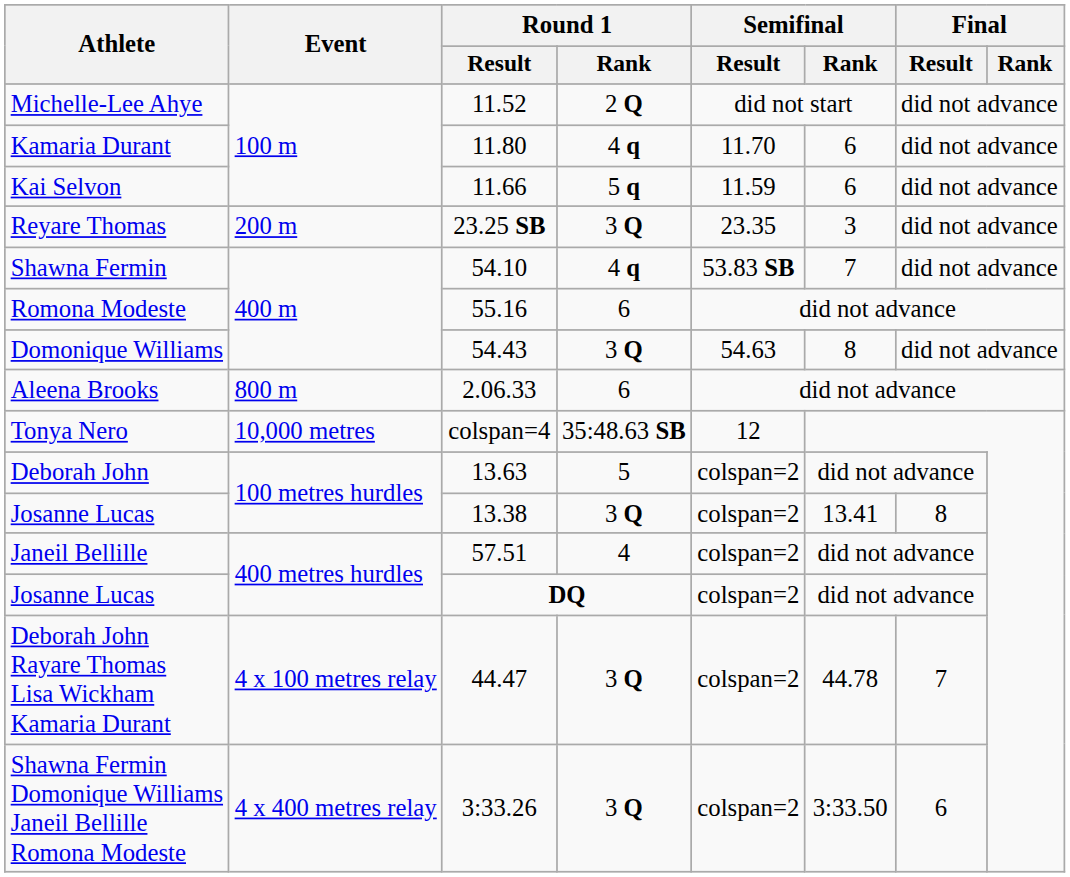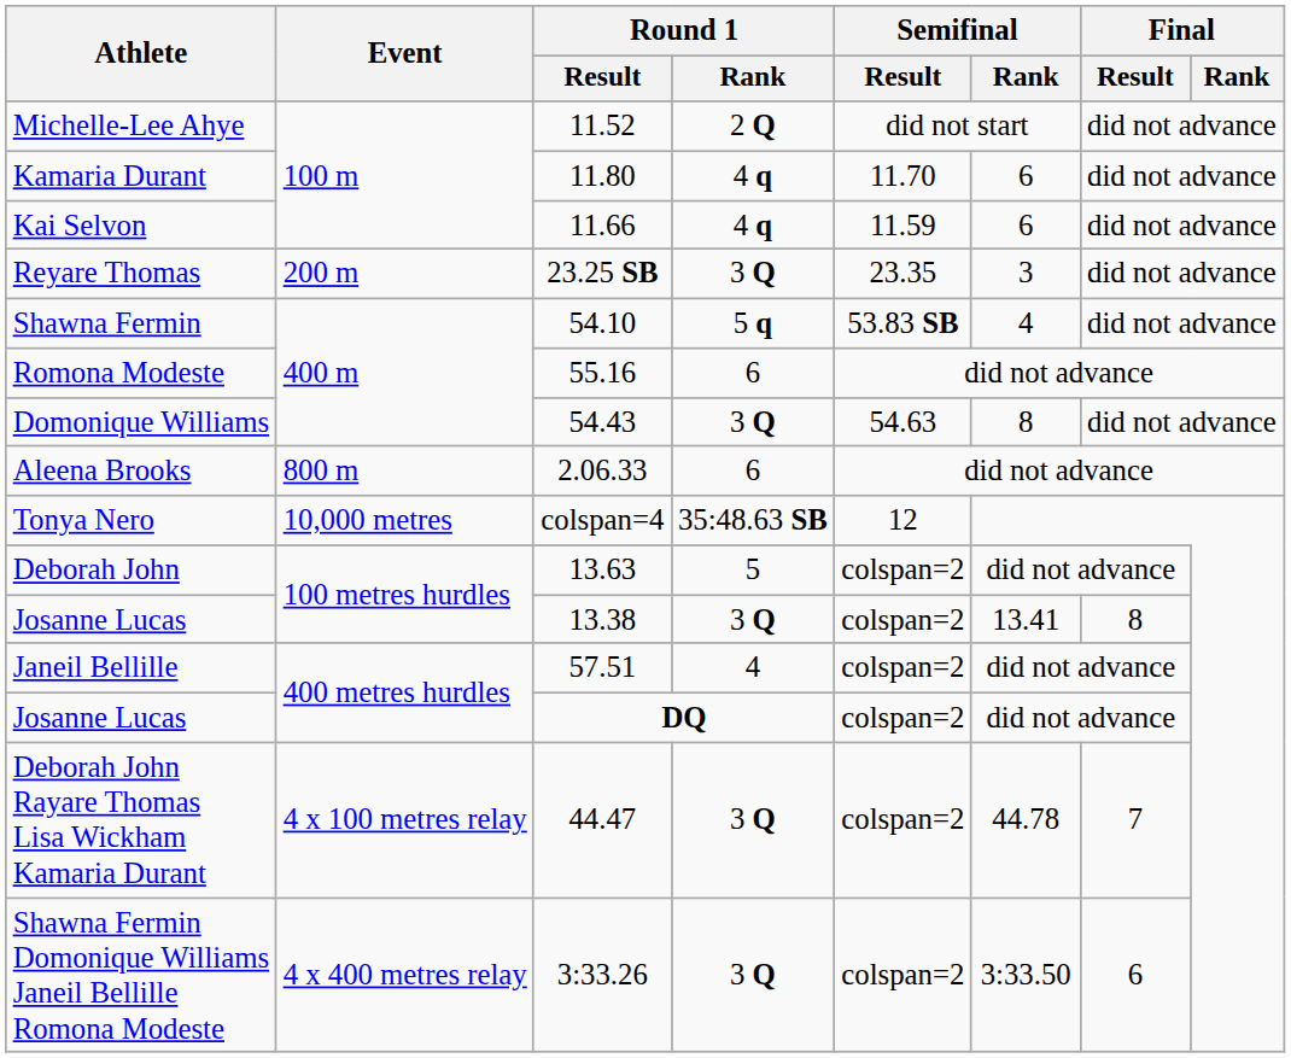 <table class=wikitable style="font-size:90%">
 <tr>
 <th rowspan="2">Athlete</th>
 <th rowspan="2">Event</th>
 <th colspan="2">Round 1</th>
 <th colspan="2">Semifinal</th>
 <th colspan="2">Final</th>
 </tr>
 <tr style="font-size:95%">
 <th>Result</th>
 <th>Rank</th>
 <th>Result</th>
 <th>Rank</th>
 <th>Result</th>
 <th>Rank</th>
 </tr>
 <tr align=center>
 <td align=left><a href='#'>Michelle-Lee Ahye</a></td>
 <td align=left rowspan="3"><a href='#'>100 m</a></td>
 <td>11.52</td>
 <td>2 <strong>Q</strong></td>
 <td colspan="2">did not start</td>
 <td colspan="2">did not advance</td>
 </tr>
 <tr align=center>
 <td align=left><a href='#'>Kamaria Durant</a></td>
 <td>11.80</td>
 <td>4 <strong>q</strong></td>
 <td>11.70</td>
 <td>6</td>
 <td colspan="2">did not advance</td>
 </tr>
 <tr align=center>
 <td align=left><a href='#'>Kai Selvon</a></td>
 <td>11.66</td>
-<td>5 <strong>q</strong></td>
+<td>4 <strong>q</strong></td>
 <td>11.59</td>
 <td>6</td>
 <td colspan="2">did not advance</td>
 </tr>
 <tr align=center>
 <td align=left><a href='#'>Reyare Thomas</a></td>
 <td align=left><a href='#'>200 m</a></td>
 <td>23.25 <strong>SB</strong></td>
 <td>3 <strong>Q</strong></td>
 <td>23.35</td>
 <td>3</td>
 <td colspan="2">did not advance</td>
 </tr>
 <tr align=center>
 <td align=left><a href='#'>Shawna Fermin</a></td>
 <td align=left rowspan="3"><a href='#'>400 m</a></td>
 <td>54.10</td>
-<td>4 <strong>q</strong></td>
+<td>5 <strong>q</strong></td>
 <td>53.83 <strong>SB</strong></td>
-<td>7</td>
+<td>4</td>
 <td colspan="2">did not advance</td>
 </tr>
 <tr align=center>
 <td align=left><a href='#'>Romona Modeste</a></td>
 <td>55.16</td>
 <td>6</td>
 <td colspan="4">did not advance</td>
 </tr>
 <tr align=center>
 <td align=left><a href='#'>Domonique Williams</a></td>
 <td>54.43</td>
 <td>3 <strong>Q</strong></td>
 <td>54.63</td>
 <td>8</td>
 <td colspan="2">did not advance</td>
 </tr>
 <tr align=center>
 <td align=left><a href='#'>Aleena Brooks</a></td>
 <td align=left><a href='#'>800 m</a></td>
 <td>2.06.33</td>
 <td>6</td>
 <td colspan="4">did not advance</td>
 </tr>
 <tr align=center>
 <td align=left><a href='#'>Tonya Nero</a></td>
 <td align=left><a href='#'>10,000 metres</a></td>
 <td>colspan=4 </td>
 <td>35:48.63 <strong>SB</strong></td>
 <td>12</td>
 </tr>
 <tr align=center>
 <td align=left><a href='#'>Deborah John</a></td>
 <td align=left rowspan="2"><a href='#'>100 metres hurdles</a></td>
 <td>13.63</td>
 <td>5</td>
 <td>colspan=2 </td>
 <td colspan="2">did not advance</td>
 </tr>
 <tr align=center>
 <td align=left><a href='#'>Josanne Lucas</a></td>
 <td>13.38</td>
 <td>3 <strong>Q</strong></td>
 <td>colspan=2 </td>
 <td>13.41</td>
 <td>8</td>
 </tr>
 <tr align=center>
 <td align=left><a href='#'>Janeil Bellille</a></td>
 <td align=left rowspan="2"><a href='#'>400 metres hurdles</a></td>
 <td>57.51</td>
 <td>4</td>
 <td>colspan=2 </td>
 <td colspan="2">did not advance</td>
 </tr>
 <tr align=center>
 <td align=left><a href='#'>Josanne Lucas</a></td>
 <td colspan=2><strong>DQ</strong></td>
 <td>colspan=2 </td>
 <td colspan="2">did not advance</td>
 </tr>
 <tr align=center>
 <td align=left><a href='#'>Deborah John</a><br><a href='#'>Rayare Thomas</a><br><a href='#'>Lisa Wickham</a><br><a href='#'>Kamaria Durant</a></td>
 <td align=left><a href='#'>4 x 100 metres relay</a></td>
 <td>44.47</td>
 <td>3 <strong>Q</strong></td>
 <td>colspan=2 </td>
 <td>44.78</td>
 <td>7</td>
 </tr>
 <tr align=center>
 <td align=left><a href='#'>Shawna Fermin</a><br><a href='#'>Domonique Williams</a><br><a href='#'>Janeil Bellille</a><br><a href='#'>Romona Modeste</a></td>
 <td align=left><a href='#'>4 x 400 metres relay</a></td>
 <td>3:33.26</td>
 <td>3 <strong>Q</strong></td>
 <td>colspan=2 </td>
 <td>3:33.50</td>
 <td>6</td>
 </tr>
 </table>
